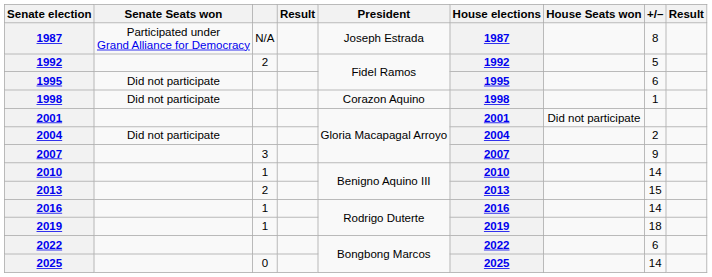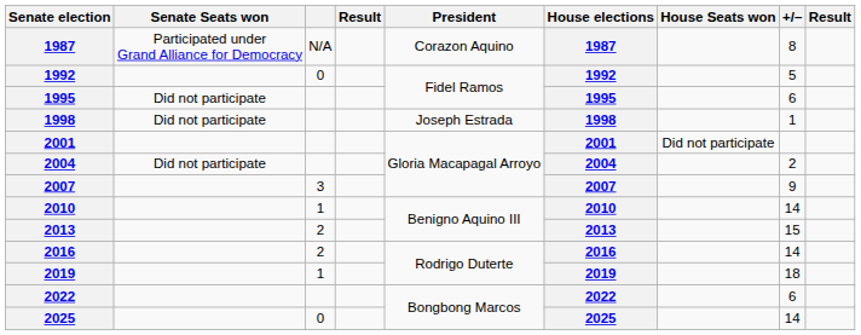 <table class="wikitable" style="text-align:center; font-size:90%">
 <tr>
 <th>Senate election</th>
 <th>Senate Seats won</th>
 <th></th>
 <th>Result</th>
 <th>President</th>
 <th>House elections</th>
 <th>House Seats won</th>
 <th>+/–</th>
 <th>Result</th>
 </tr>
 <tr>
 <th><a href='#'>1987</a></th>
 <td>Participated under<br><a href='#'>Grand Alliance for Democracy</a></td>
 <td>N/A</td>
 <td></td>
-<td>Joseph Estrada</td>
+<td>Corazon Aquino</td>
 <th><a href='#'>1987</a></th>
 <td></td>
 <td> 8</td>
 <td></td>
 </tr>
 <tr>
 <th><a href='#'>1992</a></th>
 <td></td>
-<td> 2</td>
+<td> 0</td>
 <td></td>
 <td rowspan="2">Fidel Ramos</td>
 <th><a href='#'>1992</a></th>
 <td></td>
 <td> 5</td>
 <td></td>
 </tr>
 <tr>
 <th><a href='#'>1995</a></th>
 <td>Did not participate</td>
 <td></td>
 <td></td>
 <th><a href='#'>1995</a></th>
 <td></td>
 <td> 6</td>
 <td></td>
 </tr>
 <tr>
 <th><a href='#'>1998</a></th>
 <td>Did not participate</td>
 <td></td>
 <td></td>
-<td>Corazon Aquino</td>
+<td>Joseph Estrada</td>
 <th><a href='#'>1998</a></th>
 <td></td>
 <td> 1</td>
 <td></td>
 </tr>
 <tr>
 <th><a href='#'>2001</a></th>
 <td></td>
 <td></td>
 <td></td>
 <td rowspan="3">Gloria Macapagal Arroyo</td>
 <th><a href='#'>2001</a></th>
 <td>Did not participate</td>
 <td></td>
 <td></td>
 </tr>
 <tr>
 <th><a href='#'>2004</a></th>
 <td>Did not participate</td>
 <td></td>
 <td></td>
 <th><a href='#'>2004</a></th>
 <td></td>
 <td> 2</td>
 <td></td>
 </tr>
 <tr>
 <th><a href='#'>2007</a></th>
 <td></td>
 <td> 3</td>
 <td></td>
 <th><a href='#'>2007</a></th>
 <td></td>
 <td> 9</td>
 <td></td>
 </tr>
 <tr>
 <th><a href='#'>2010</a></th>
 <td></td>
 <td> 1</td>
 <td></td>
 <td rowspan="2">Benigno Aquino III</td>
 <th><a href='#'>2010</a></th>
 <td></td>
 <td>14</td>
 <td></td>
 </tr>
 <tr>
 <th><a href='#'>2013</a></th>
 <td></td>
 <td> 2</td>
 <td></td>
 <th><a href='#'>2013</a></th>
 <td></td>
 <td> 15</td>
 <td></td>
 </tr>
 <tr>
 <th><a href='#'>2016</a></th>
 <td></td>
-<td> 1</td>
+<td> 2</td>
 <td></td>
 <td rowspan="2">Rodrigo Duterte</td>
 <th><a href='#'>2016</a></th>
 <td></td>
 <td> 14</td>
 <td></td>
 </tr>
 <tr>
 <th><a href='#'>2019</a></th>
 <td></td>
 <td> 1</td>
 <td></td>
 <th><a href='#'>2019</a></th>
 <td></td>
 <td> 18</td>
 <td></td>
 </tr>
 <tr>
 <th><a href='#'>2022</a></th>
 <td></td>
 <td></td>
 <td></td>
 <td rowspan=2>Bongbong Marcos</td>
 <th><a href='#'>2022</a></th>
 <td></td>
 <td> 6</td>
 <td></td>
 </tr>
 <tr>
 <th><a href='#'>2025</a></th>
 <td></td>
 <td> 0</td>
 <td></td>
 <th><a href='#'>2025</a></th>
 <td></td>
 <td> 14</td>
 <td></td>
 </tr>
 </table>
